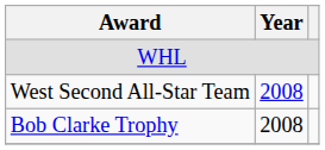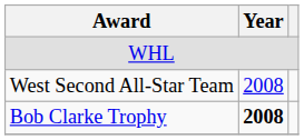 <table class="wikitable">
 <tr>
 <th>Award</th>
 <th>Year</th>
 <th></th>
 </tr>
 <tr ALIGN="center" bgcolor="#e0e0e0">
 <td colspan="3"><a href='#'>WHL</a></td>
 </tr>
 <tr>
 <td>West Second All-Star Team</td>
 <td><a href='#'>2008</a></td>
 <td></td>
 </tr>
 <tr>
 <td><a href='#'>Bob Clarke Trophy</a></td>
-<td>2008</td>
+<td><strong>2008</strong></td>
 <td></td>
 </tr>
 <tr>
 </tr>
 </table>
